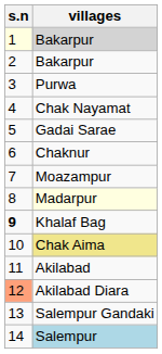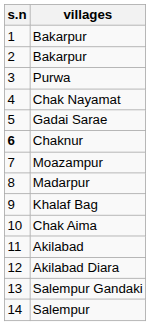 <table class="wikitable">
 <tr>
 <th>s.n</th>
 <th>villages</th>
 </tr>
 <tr>
-<td style="background: lightyellow;">1</td>
-<td style="background: lightgrey;">Bakarpur</td>
+<td>1</td>
+<td>Bakarpur</td>
 </tr>
 <tr>
 <td>2</td>
 <td>Bakarpur</td>
 </tr>
 <tr>
 <td>3</td>
 <td>Purwa</td>
 </tr>
 <tr>
 <td>4</td>
 <td>Chak Nayamat</td>
 </tr>
 <tr>
 <td>5</td>
 <td>Gadai Sarae</td>
 </tr>
 <tr>
-<td>6</td>
+<td><strong>6</strong></td>
 <td>Chaknur</td>
 </tr>
 <tr>
 <td>7</td>
 <td>Moazampur</td>
 </tr>
 <tr>
 <td>8</td>
-<td style="background: lightyellow;">Madarpur</td>
+<td>Madarpur</td>
 </tr>
 <tr>
-<td><strong>9</strong></td>
+<td>9</td>
 <td>Khalaf Bag</td>
 </tr>
 <tr>
 <td>10</td>
-<td style="background: khaki;">Chak Aima</td>
+<td>Chak Aima</td>
 </tr>
 <tr>
 <td>11</td>
 <td>Akilabad</td>
 </tr>
 <tr>
-<td style="background: lightsalmon;">12</td>
+<td>12</td>
 <td>Akilabad Diara</td>
 </tr>
 <tr>
 <td>13</td>
 <td>Salempur Gandaki</td>
 </tr>
 <tr>
 <td>14</td>
-<td style="background: lightblue;">Salempur</td>
+<td>Salempur</td>
 </tr>
 </table>
